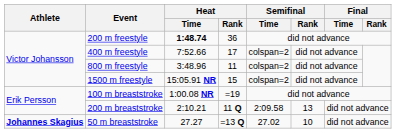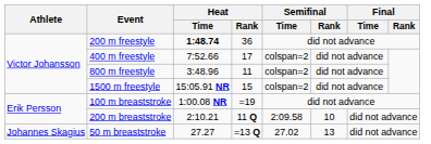 <table class=wikitable style="font-size:90%">
 <tr>
 <th rowspan="2">Athlete</th>
 <th rowspan="2">Event</th>
 <th colspan="2">Heat</th>
 <th colspan="2">Semifinal</th>
 <th colspan="2">Final</th>
 </tr>
 <tr style="font-size:95%">
 <th>Time</th>
 <th>Rank</th>
 <th>Time</th>
 <th>Rank</th>
 <th>Time</th>
 <th>Rank</th>
 </tr>
 <tr align=center>
 <td align=left rowspan=4><a href='#'>Victor Johansson</a></td>
 <td align=left><a href='#'>200 m freestyle</a></td>
 <td><strong>1:48.74</strong></td>
 <td>36</td>
 <td colspan=4>did not advance</td>
 </tr>
 <tr align=center>
 <td align=left><a href='#'>400 m freestyle</a></td>
 <td>7:52.66</td>
 <td>17</td>
 <td>colspan=2 </td>
 <td colspan=2>did not advance</td>
 </tr>
 <tr align=center>
 <td align=left><a href='#'>800 m freestyle</a></td>
 <td>3:48.96</td>
 <td>11</td>
 <td>colspan=2 </td>
 <td colspan=2>did not advance</td>
 </tr>
 <tr align=center>
 <td align=left><a href='#'>1500 m freestyle</a></td>
 <td>15:05.91 <strong><a href='#'>NR</a></strong></td>
 <td>15</td>
 <td>colspan=2 </td>
 <td colspan=2>did not advance</td>
 </tr>
 <tr align=center>
 <td align=left rowspan=2><a href='#'>Erik Persson</a></td>
 <td align=left><a href='#'>100 m breaststroke</a></td>
 <td>1:00.08 <strong><a href='#'>NR</a></strong></td>
 <td>=19</td>
 <td colspan=4>did not advance</td>
 </tr>
 <tr align=center>
 <td align=left><a href='#'>200 m breaststroke</a></td>
 <td>2:10.21</td>
 <td>11 <strong>Q</strong></td>
 <td>2:09.58</td>
-<td>13</td>
+<td>10</td>
 <td colspan=2>did not advance</td>
 </tr>
 <tr align=center>
-<td align=left><strong><a href='#'>Johannes Skagius</a></strong></td>
+<td align=left><a href='#'>Johannes Skagius</a></td>
 <td align=left><a href='#'>50 m breaststroke</a></td>
 <td>27.27</td>
 <td>=13 <strong>Q</strong></td>
 <td>27.02</td>
-<td>10</td>
+<td>13</td>
 <td colspan=2>did not advance</td>
 </tr>
 </table>
